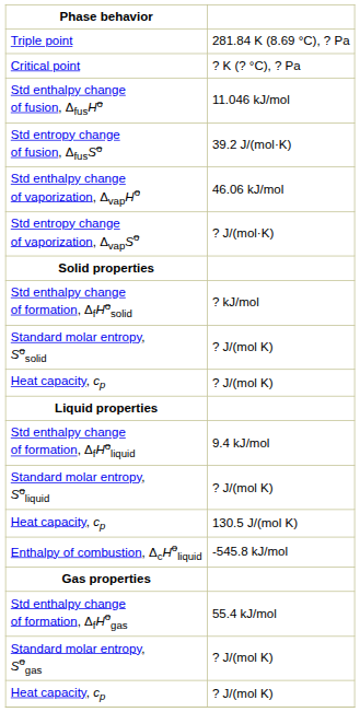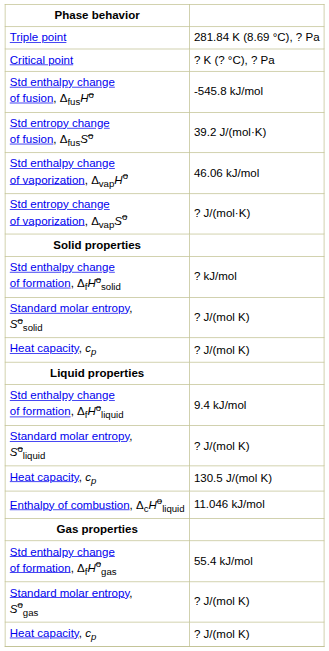 <table border="1" cellspacing="0" cellpadding="6" style="margin: 0 0 0 0.5em; background: #FFFFFF; border-collapse: collapse; border-color: #C0C090;">
 <tr>
 <th>Phase behavior</th>
 </tr>
 <tr>
 <td><a href='#'>Triple point</a></td>
 <td>281.84 K (8.69 °C), ? Pa</td>
 </tr>
 <tr>
 <td><a href='#'>Critical point</a></td>
 <td>? K (? °C), ? Pa</td>
 </tr>
 <tr>
 <td><a href='#'>Std enthalpy change<br>of fusion</a>, Δ<sub>fus</sub><em>H</em><sup><s>o</s></sup></td>
-<td>11.046 kJ/mol</td>
+<td>-545.8 kJ/mol</td>
 </tr>
 <tr>
 <td><a href='#'>Std entropy change<br>of fusion</a>, Δ<sub>fus</sub><em>S</em><sup><s>o</s></sup></td>
 <td>39.2 J/(mol·K)</td>
 </tr>
 <tr>
 <td><a href='#'>Std enthalpy change<br>of vaporization</a>, Δ<sub>vap</sub><em>H</em><sup><s>o</s></sup></td>
 <td>46.06	 kJ/mol</td>
 </tr>
 <tr>
 <td><a href='#'>Std entropy change<br>of vaporization</a>, Δ<sub>vap</sub><em>S</em><sup><s>o</s></sup></td>
 <td>? J/(mol·K)</td>
 </tr>
 <tr>
 <th>Solid properties</th>
 </tr>
 <tr>
 <td><a href='#'>Std enthalpy change<br>of formation</a>, Δ<sub>f</sub><em>H</em><sup><s>o</s></sup><sub>solid</sub></td>
 <td>? kJ/mol</td>
 </tr>
 <tr>
 <td><a href='#'>Standard molar entropy</a>,<br><em>S</em><sup><s>o</s></sup><sub>solid</sub></td>
 <td>? J/(mol K)</td>
 </tr>
 <tr>
 <td><a href='#'>Heat capacity</a>, <em>c<sub>p</sub></em></td>
 <td>? J/(mol K)</td>
 </tr>
 <tr>
 <th>Liquid properties</th>
 </tr>
 <tr>
 <td><a href='#'>Std enthalpy change<br>of formation</a>, Δ<sub>f</sub><em>H</em><sup><s>o</s></sup><sub>liquid</sub></td>
 <td>9.4 kJ/mol</td>
 </tr>
 <tr>
 <td><a href='#'>Standard molar entropy</a>,<br><em>S</em><sup><s>o</s></sup><sub>liquid</sub></td>
 <td>? J/(mol K)</td>
 </tr>
 <tr>
 <td><a href='#'>Heat capacity</a>, <em>c<sub>p</sub></em></td>
 <td>130.5 J/(mol K)</td>
 </tr>
 <tr>
 <td><a href='#'>Enthalpy of combustion</a>, Δ<sub>c</sub><em>H</em><sup><s>o</s></sup><sub>liquid</sub></td>
-<td>-545.8 kJ/mol</td>
+<td>11.046 kJ/mol</td>
 </tr>
 <tr>
 <th>Gas properties</th>
 </tr>
 <tr>
 <td><a href='#'>Std enthalpy change<br>of formation</a>, Δ<sub>f</sub><em>H</em><sup><s>o</s></sup><sub>gas</sub></td>
 <td>55.4 kJ/mol</td>
 </tr>
 <tr>
 <td><a href='#'>Standard molar entropy</a>,<br><em>S</em><sup><s>o</s></sup><sub>gas</sub></td>
 <td>? J/(mol K)</td>
 </tr>
 <tr>
 <td><a href='#'>Heat capacity</a>, <em>c<sub>p</sub></em></td>
 <td>? J/(mol K)</td>
 </tr>
 <tr>
 </tr>
 </table>
